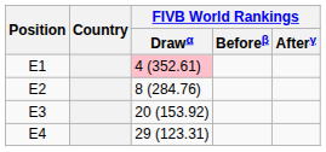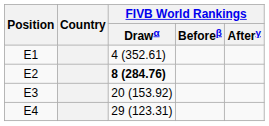 <table class="wikitable sortable plainrowheaders sticky-header col3right col4center col5center col6center" style="font-size:90%; white-space:nowrap">
 <tr>
 <th rowspan=2>Position</th>
 <th rowspan=2>Country</th>
 <th colspan=3><a href='#'>FIVB World Rankings</a></th>
 </tr>
 <tr>
 <th>Draw<sup><strong><a href='#'>α</a></strong></sup></th>
 <th>Before<sup><strong><a href='#'>β</a></strong></sup></th>
 <th>After<sup><strong><a href='#'>γ</a></strong></sup></th>
 </tr>
 <tr>
 <td style="text-align:center">E1</td>
 <th scope="row"></th>
-<td style="background: pink;">4 (352.61)</td>
+<td>4 (352.61)</td>
 <td></td>
 <td></td>
 </tr>
 <tr>
 <td style="text-align:center">E2</td>
 <th scope="row"></th>
-<td>8 (284.76)</td>
+<td><strong>8 (284.76)</strong></td>
 <td></td>
 <td></td>
 </tr>
 <tr>
 <td style="text-align:center">E3</td>
 <th scope="row"></th>
 <td>20 (153.92)</td>
 <td></td>
 <td></td>
 </tr>
 <tr>
 <td style="text-align:center">E4</td>
 <th scope="row"></th>
 <td>29 (123.31)</td>
 <td></td>
 <td></td>
 </tr>
 </table>
